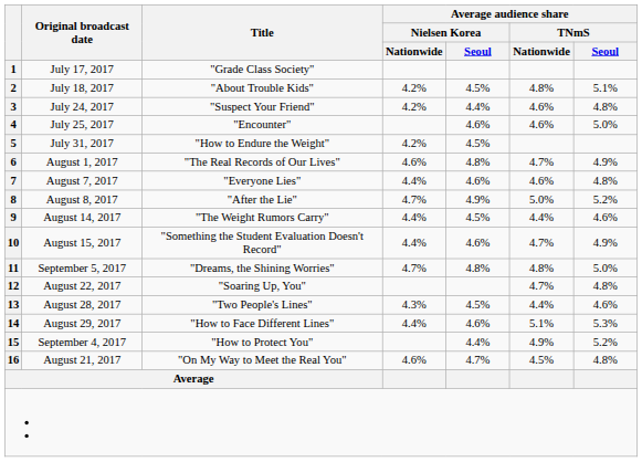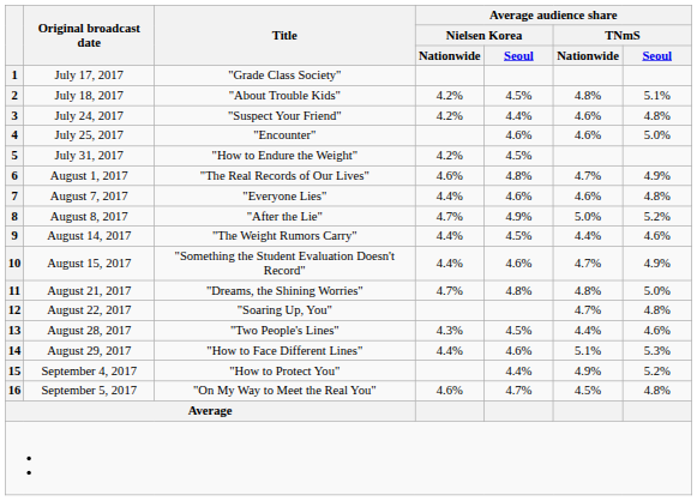 <table class="wikitable" style="text-align:center">
 <tr>
 <th rowspan="3"></th>
 <th rowspan="3">Original broadcast date</th>
 <th rowspan="3">Title</th>
 <th colspan="4">Average audience share</th>
 </tr>
 <tr>
 <th colspan="2">Nielsen Korea</th>
 <th colspan="2">TNmS</th>
 </tr>
 <tr>
 <th width="80">Nationwide</th>
 <th width="80"><a href='#'>Seoul</a></th>
 <th width="80">Nationwide</th>
 <th width="80"><a href='#'>Seoul</a></th>
 </tr>
 <tr>
 <th>1</th>
 <td>July 17, 2017</td>
 <td>"Grade Class Society"</td>
 <td><strong></strong> </td>
 <td><strong></strong> </td>
 <td><strong></strong> </td>
 <td><strong></strong> </td>
 </tr>
 <tr>
 <th>2</th>
 <td>July 18, 2017</td>
 <td>"About Trouble Kids"</td>
 <td>4.2% </td>
 <td>4.5% </td>
 <td>4.8% </td>
 <td>5.1% </td>
 </tr>
 <tr>
 <th>3</th>
 <td>July 24, 2017</td>
 <td>"Suspect Your Friend"</td>
 <td>4.2% </td>
 <td>4.4% </td>
 <td>4.6% </td>
 <td>4.8% </td>
 </tr>
 <tr>
 <th>4</th>
 <td>July 25, 2017</td>
 <td>"Encounter"</td>
 <td><strong></strong> </td>
 <td>4.6% </td>
 <td>4.6% </td>
 <td>5.0% </td>
 </tr>
 <tr>
 <th>5</th>
 <td>July 31, 2017</td>
 <td>"How to Endure the Weight"</td>
 <td>4.2% </td>
 <td>4.5% </td>
 <td><strong></strong> </td>
 <td><strong></strong> </td>
 </tr>
 <tr>
 <th>6</th>
 <td>August 1, 2017</td>
 <td>"The Real Records of Our Lives"</td>
 <td>4.6% </td>
 <td>4.8% </td>
 <td>4.7% </td>
 <td>4.9% </td>
 </tr>
 <tr>
 <th>7</th>
 <td>August 7, 2017</td>
 <td>"Everyone Lies"</td>
 <td>4.4% </td>
 <td>4.6% </td>
 <td>4.6% </td>
 <td>4.8% </td>
 </tr>
 <tr>
 <th>8</th>
 <td>August 8, 2017</td>
 <td>"After the Lie"</td>
 <td>4.7% </td>
 <td>4.9% </td>
 <td>5.0% </td>
 <td>5.2% </td>
 </tr>
 <tr>
 <th>9</th>
 <td>August 14, 2017</td>
 <td>"The Weight Rumors Carry"</td>
 <td>4.4% </td>
 <td>4.5% </td>
 <td>4.4% </td>
 <td>4.6% </td>
 </tr>
 <tr>
 <th>10</th>
 <td>August 15, 2017</td>
 <td>"Something the Student Evaluation Doesn't Record"</td>
 <td>4.4% </td>
 <td>4.6% </td>
 <td>4.7% </td>
 <td>4.9% </td>
 </tr>
 <tr>
 <th>11</th>
-<td>September 5, 2017</td>
+<td>August 21, 2017</td>
 <td>"Dreams, the Shining Worries"</td>
 <td>4.7% </td>
 <td>4.8% </td>
 <td>4.8% </td>
 <td>5.0% </td>
 </tr>
 <tr>
 <th>12</th>
 <td>August 22, 2017</td>
 <td>"Soaring Up, You"</td>
 <td><strong></strong> </td>
 <td><strong></strong> </td>
 <td>4.7% </td>
 <td>4.8% </td>
 </tr>
 <tr>
 <th>13</th>
 <td>August 28, 2017</td>
 <td>"Two People's Lines"</td>
 <td>4.3% </td>
 <td>4.5% </td>
 <td>4.4% </td>
 <td>4.6% </td>
 </tr>
 <tr>
 <th>14</th>
 <td>August 29, 2017</td>
 <td>"How to Face Different Lines"</td>
 <td>4.4% </td>
 <td>4.6% </td>
 <td>5.1% </td>
 <td>5.3% </td>
 </tr>
 <tr>
 <th>15</th>
 <td>September 4, 2017</td>
 <td>"How to Protect You"</td>
 <td><strong></strong> </td>
 <td>4.4% </td>
 <td>4.9% </td>
 <td>5.2% </td>
 </tr>
 <tr>
 <th>16</th>
-<td>August 21, 2017</td>
+<td>September 5, 2017</td>
 <td>"On My Way to Meet the Real You"</td>
 <td>4.6% </td>
 <td>4.7% </td>
 <td>4.5% </td>
 <td>4.8% </td>
 </tr>
 <tr>
 <th colspan="3">Average</th>
 <th></th>
 <th></th>
 <th></th>
 <th></th>
 </tr>
 <tr>
 <td colspan="7"><br><ul><li></li><li></li></ul></td>
 </tr>
 </table>
